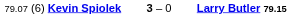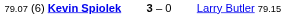 <table style="text-align:center">
 <tr>
 <th width=223></th>
 <th width=100></th>
 <th width=223></th>
 </tr>
 <tr>
 <td align=right><small>79.07</small> (6) <strong><a href='#'>Kevin Spiolek</a></strong> </td>
 <td><strong>3</strong> – 0</td>
-<td align=left><strong> <a href='#'>Larry Butler</a> <small>79.15</small></strong></td>
+<td align=left> <a href='#'>Larry Butler</a> <small>79.15</small></td>
 </tr>
 </table>
